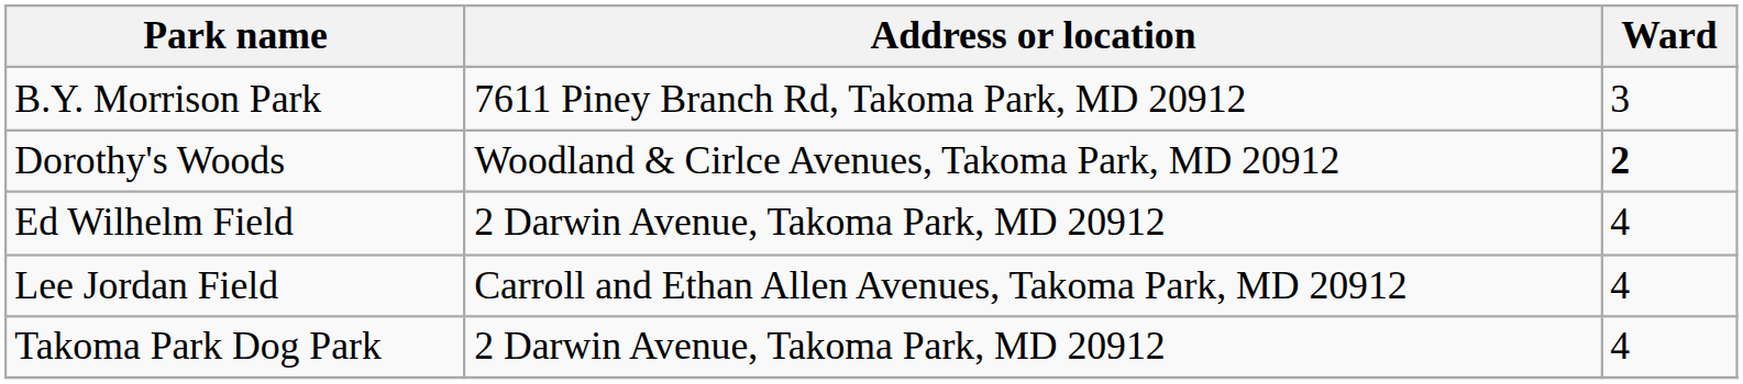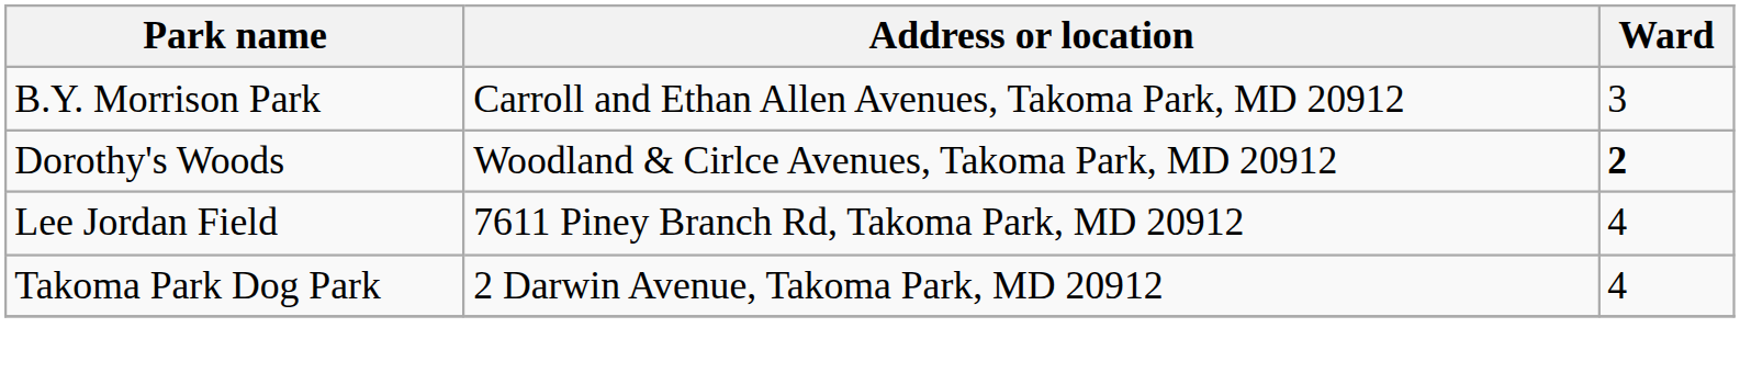 <table class="wikitable" style="width: 80%;">
 <tr>
 <th>Park name</th>
 <th>Address or location</th>
 <th>Ward</th>
 </tr>
 <tr>
 <td>B.Y. Morrison Park</td>
-<td>7611 Piney Branch Rd, Takoma Park, MD 20912</td>
+<td>Carroll and Ethan Allen Avenues, Takoma Park, MD 20912</td>
 <td>3</td>
 </tr>
 <tr>
 <td>Dorothy's Woods</td>
 <td>Woodland & Cirlce Avenues, Takoma Park, MD 20912</td>
 <td><strong>2</strong></td>
 </tr>
 <tr>
-<td>Ed Wilhelm Field</td>
-<td>2 Darwin Avenue, Takoma Park, MD 20912</td>
-<td>4</td>
-</tr>
-<tr>
 <td>Lee Jordan Field</td>
-<td>Carroll and Ethan Allen Avenues, Takoma Park, MD 20912</td>
+<td>7611 Piney Branch Rd, Takoma Park, MD 20912</td>
 <td>4</td>
 </tr>
 <tr>
 <td>Takoma Park Dog Park</td>
 <td>2 Darwin Avenue, Takoma Park, MD 20912</td>
 <td>4</td>
 </tr>
 <tr>
 </tr>
 </table>
